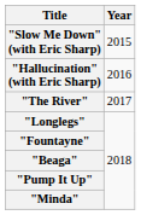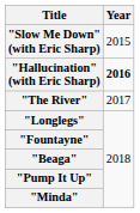 <table class="wikitable plainrowheaders" style="text-align:center;">
 <tr>
 <th scope="col">Title</th>
 <th scope="col">Year</th>
 </tr>
 <tr>
 <th scope="row">"Slow Me Down"<br><span>(with Eric Sharp)</span></th>
 <td>2015</td>
 </tr>
 <tr>
 <th scope="row">"Hallucination"<br><span>(with Eric Sharp)</span></th>
-<td>2016</td>
+<td><strong>2016</strong></td>
 </tr>
 <tr>
 <th scope="row">"The River"</th>
 <td>2017</td>
 </tr>
 <tr>
 <th scope="row">"Longlegs"</th>
 <td rowspan="5">2018</td>
 </tr>
 <tr>
 <th scope="row">"Fountayne"</th>
 </tr>
 <tr>
 <th scope="row">"Beaga"</th>
 </tr>
 <tr>
 <th scope="row">"Pump It Up"</th>
 </tr>
 <tr>
 <th scope="row">"Minda"</th>
 </tr>
 </table>
